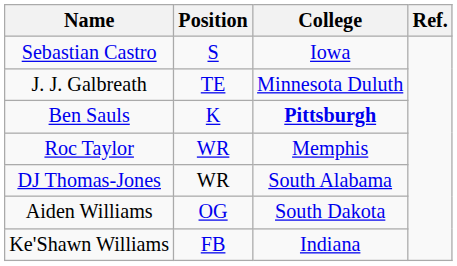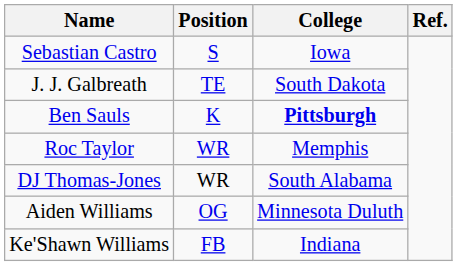 <table class="wikitable" style="text-align:center">
 <tr>
 <th>Name</th>
 <th>Position</th>
 <th>College</th>
 <th>Ref.</th>
 </tr>
 <tr>
 <td><a href='#'>Sebastian Castro</a></td>
 <td><a href='#'>S</a></td>
 <td><a href='#'>Iowa</a></td>
 <td rowspan="7"></td>
 </tr>
 <tr>
 <td>J. J. Galbreath</td>
 <td><a href='#'>TE</a></td>
-<td><a href='#'>Minnesota Duluth</a></td>
+<td><a href='#'>South Dakota</a></td>
 </tr>
 <tr>
 <td><a href='#'>Ben Sauls</a></td>
 <td><a href='#'>K</a></td>
 <td><strong><a href='#'>Pittsburgh</a></strong></td>
 </tr>
 <tr>
 <td><a href='#'>Roc Taylor</a></td>
 <td><a href='#'>WR</a></td>
 <td><a href='#'>Memphis</a></td>
 </tr>
 <tr>
 <td><a href='#'>DJ Thomas-Jones</a></td>
 <td>WR</td>
 <td><a href='#'>South Alabama</a></td>
 </tr>
 <tr>
 <td>Aiden Williams</td>
 <td><a href='#'>OG</a></td>
-<td><a href='#'>South Dakota</a></td>
+<td><a href='#'>Minnesota Duluth</a></td>
 </tr>
 <tr>
 <td>Ke'Shawn Williams</td>
 <td><a href='#'>FB</a></td>
 <td><a href='#'>Indiana</a></td>
 </tr>
 </table>
